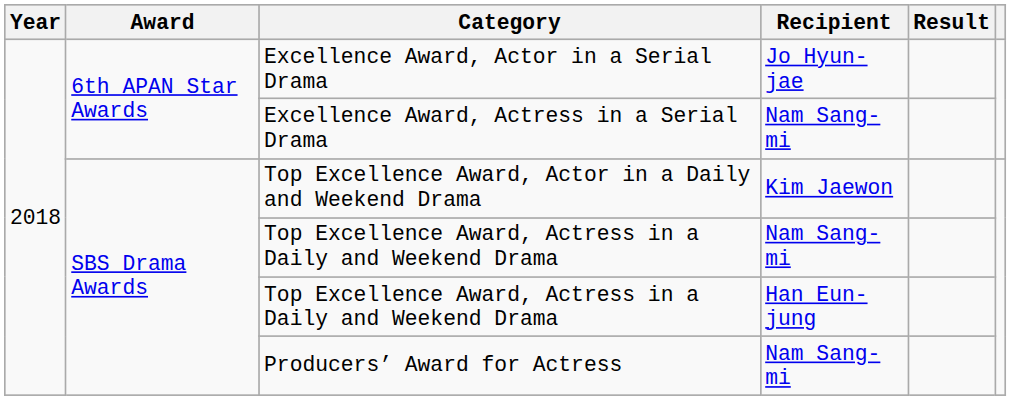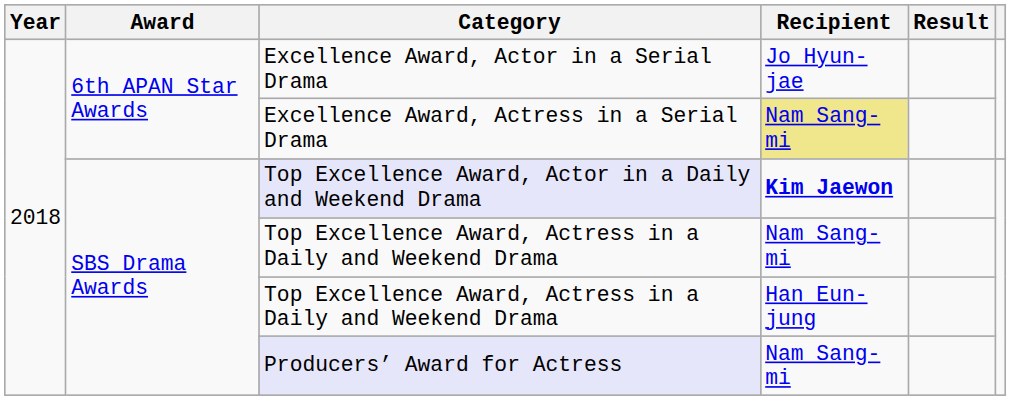 <table class="wikitable">
 <tr>
 <th>Year</th>
 <th>Award</th>
 <th>Category</th>
 <th>Recipient</th>
 <th>Result</th>
 <th></th>
 </tr>
 <tr>
 <td rowspan=6>2018</td>
 <td rowspan=2><a href='#'>6th APAN Star Awards</a></td>
 <td>Excellence Award, Actor in a Serial Drama</td>
 <td><a href='#'>Jo Hyun-jae</a></td>
 <td></td>
 <td rowspan=2></td>
 </tr>
 <tr>
 <td>Excellence Award, Actress in a Serial Drama</td>
-<td><a href='#'>Nam Sang-mi</a></td>
+<td style="background: khaki;"><a href='#'>Nam Sang-mi</a></td>
 <td></td>
 </tr>
 <tr>
 <td rowspan=4><a href='#'>SBS Drama Awards</a></td>
-<td>Top Excellence Award, Actor in a Daily and Weekend Drama</td>
-<td><a href='#'>Kim Jaewon</a></td>
+<td style="background: lavender;">Top Excellence Award, Actor in a Daily and Weekend Drama</td>
+<td><strong><a href='#'>Kim Jaewon</a></strong></td>
 <td></td>
 <td rowspan=4></td>
 </tr>
 <tr>
 <td>Top Excellence Award, Actress in a Daily and Weekend Drama</td>
 <td><a href='#'>Nam Sang-mi</a></td>
 <td></td>
 </tr>
 <tr>
 <td>Top Excellence Award, Actress in a Daily and Weekend Drama</td>
 <td><a href='#'>Han Eun-jung</a></td>
 <td></td>
 </tr>
 <tr>
-<td>Producers’ Award for Actress</td>
+<td style="background: lavender;">Producers’ Award for Actress</td>
 <td><a href='#'>Nam Sang-mi</a></td>
 <td></td>
 </tr>
 </table>
